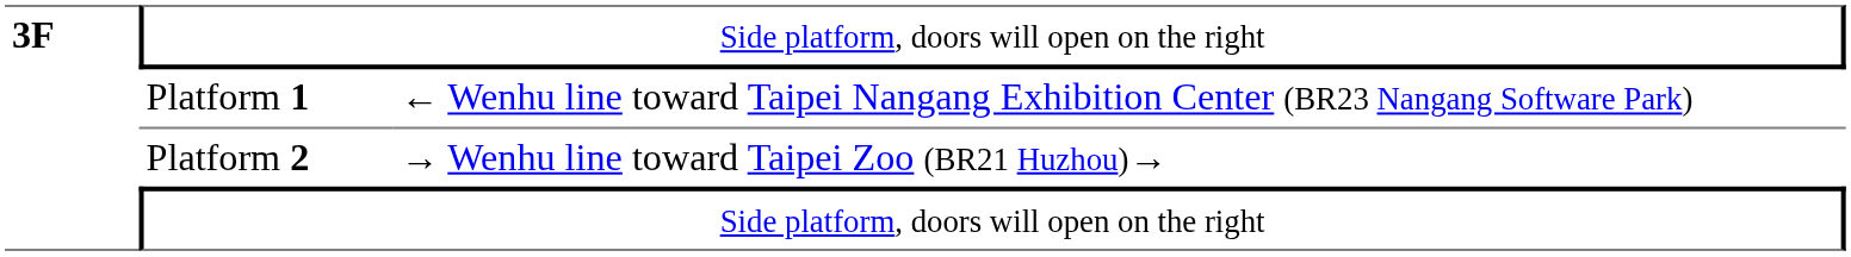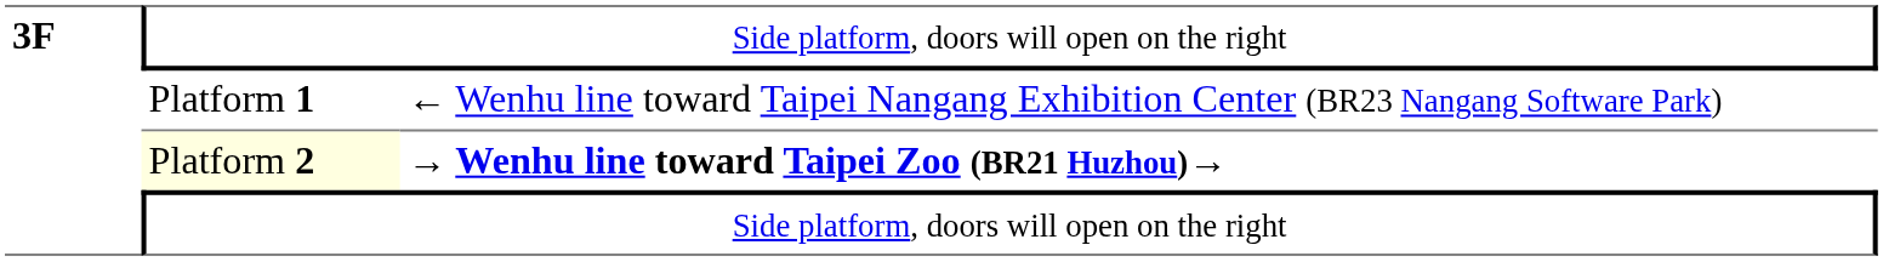 <table table border=0 cellspacing=0 cellpadding=3>
 <tr>
 <td style="border-top:solid 1px gray;border-bottom:solid 1px gray;" width=50 rowspan=10 valign=top><strong>3F</strong></td>
 </tr>
 <tr>
 <td style="border-right:solid 2px black;border-left:solid 2px black;border-bottom:solid 2px black;border-top:solid 1px gray;text-align:center;" colspan=2><small><a href='#'>Side platform</a>, doors will open on the right</small></td>
 </tr>
 <tr>
 <td style="border-bottom:solid 1px gray;" width=100>Platform <span><strong>1</strong></span></td>
 <td style="border-bottom:solid 1px gray;" width=600>←  <a href='#'>Wenhu line</a> toward <a href='#'>Taipei Nangang Exhibition Center</a> <small>(BR23 <a href='#'>Nangang Software Park</a>)</small></td>
 </tr>
 <tr>
-<td>Platform <span><strong>2</strong></span></td>
-<td><span>→</span>  <a href='#'>Wenhu line</a> toward <a href='#'>Taipei Zoo</a> <small>(BR21 <a href='#'>Huzhou</a>)</small>→</td>
+<td style="background: lightyellow;">Platform <span><strong>2</strong></span></td>
+<td><strong><span>→</span>  <a href='#'>Wenhu line</a> toward <a href='#'>Taipei Zoo</a> <small>(BR21 <a href='#'>Huzhou</a>)</small>→</strong></td>
 </tr>
 <tr>
 <td style="border-top:solid 2px black;border-right:solid 2px black;border-left:solid 2px black;border-bottom:solid 1px gray;text-align:center;" colspan=2><small><a href='#'>Side platform</a>, doors will open on the right</small></td>
 </tr>
 </table>
